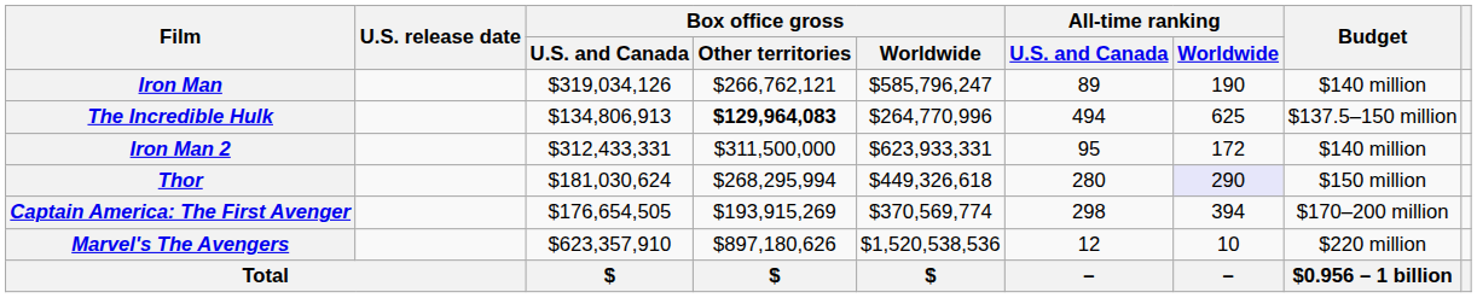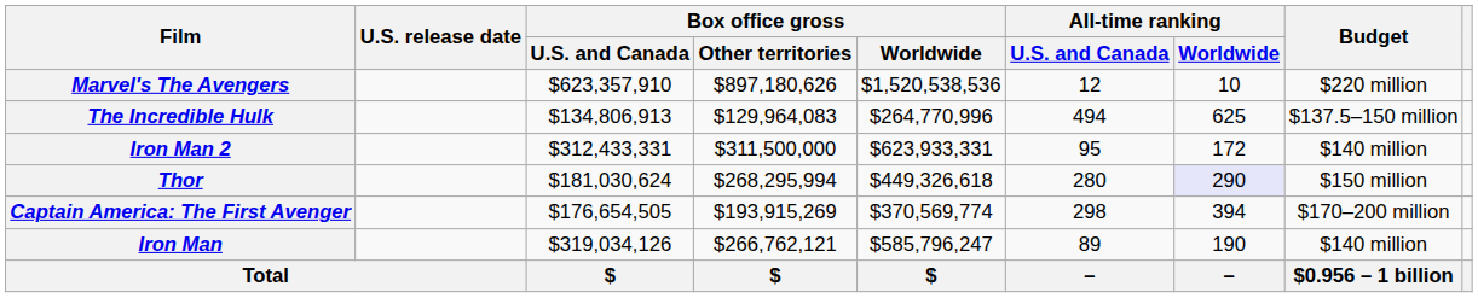 <table class="wikitable plainrowheaders sortable" style="text-align: center;">
 <tr>
 <th scope="col" rowspan="2">Film</th>
 <th scope="col" rowspan="2">U.S. release date</th>
 <th scope="col" colspan="3" class="sortable">Box office gross</th>
 <th scope="col" colspan="2" style="text: wrap;" class="unsortable">All-time ranking</th>
 <th scope="col" rowspan="2">Budget</th>
 <th scope="col" rowspan="2" class="unsortable"></th>
 </tr>
 <tr>
 <th scope="col">U.S. and Canada</th>
 <th scope="col">Other territories</th>
 <th scope="col">Worldwide</th>
 <th scope="col" class="sortable"><a href='#'>U.S. and Canada</a></th>
 <th scope="col" class="sortable"><a href='#'>Worldwide</a></th>
 </tr>
 <tr>
-<th scope="row"><em><a href='#'>Iron Man</a></em></th>
+<th scope="row"><em><a href='#'>Marvel's The Avengers</a></em></th>
 <td></td>
-<td>$319,034,126</td>
-<td>$266,762,121</td>
-<td>$585,796,247</td>
-<td>89</td>
-<td>190</td>
-<td>$140 million</td>
+<td>$623,357,910</td>
+<td>$897,180,626</td>
+<td>$1,520,538,536</td>
+<td>12</td>
+<td>10</td>
+<td>$220 million</td>
 <td></td>
 </tr>
 <tr>
 <th scope="row"><em><a href='#'>The Incredible Hulk</a></em></th>
 <td></td>
 <td>$134,806,913</td>
-<td><strong>$129,964,083</strong></td>
+<td>$129,964,083</td>
 <td>$264,770,996</td>
 <td>494</td>
 <td>625</td>
 <td>$137.5–150 million</td>
 <td></td>
 </tr>
 <tr>
 <th scope="row"><em><a href='#'>Iron Man 2</a></em></th>
 <td></td>
 <td>$312,433,331</td>
 <td>$311,500,000</td>
 <td>$623,933,331</td>
 <td>95</td>
 <td>172</td>
 <td>$140 million</td>
 <td></td>
 </tr>
 <tr>
 <th scope="row"><em><a href='#'>Thor</a></em></th>
 <td></td>
 <td>$181,030,624</td>
 <td>$268,295,994</td>
 <td>$449,326,618</td>
 <td>280</td>
 <td style="background: lavender;">290</td>
 <td>$150 million</td>
 <td></td>
 </tr>
 <tr>
 <th scope="row"><em><a href='#'>Captain America: The First Avenger</a></em></th>
 <td></td>
 <td>$176,654,505</td>
 <td>$193,915,269</td>
 <td>$370,569,774</td>
 <td>298</td>
 <td>394</td>
 <td>$170–200 million</td>
 <td></td>
 </tr>
 <tr>
-<th scope="row"><em><a href='#'>Marvel's The Avengers</a></em></th>
+<th scope="row"><em><a href='#'>Iron Man</a></em></th>
 <td></td>
-<td>$623,357,910</td>
-<td>$897,180,626</td>
-<td>$1,520,538,536</td>
-<td>12</td>
-<td>10</td>
-<td>$220 million</td>
+<td>$319,034,126</td>
+<td>$266,762,121</td>
+<td>$585,796,247</td>
+<td>89</td>
+<td>190</td>
+<td>$140 million</td>
 <td></td>
 </tr>
 <tr style="font-weight: bold;">
 <th scope="col" colspan="2">Total</th>
 <th>$</th>
 <th>$</th>
 <th>$</th>
 <th>–</th>
 <th>–</th>
 <th>$0.956 – 1 billion</th>
 <th></th>
 </tr>
 </table>
